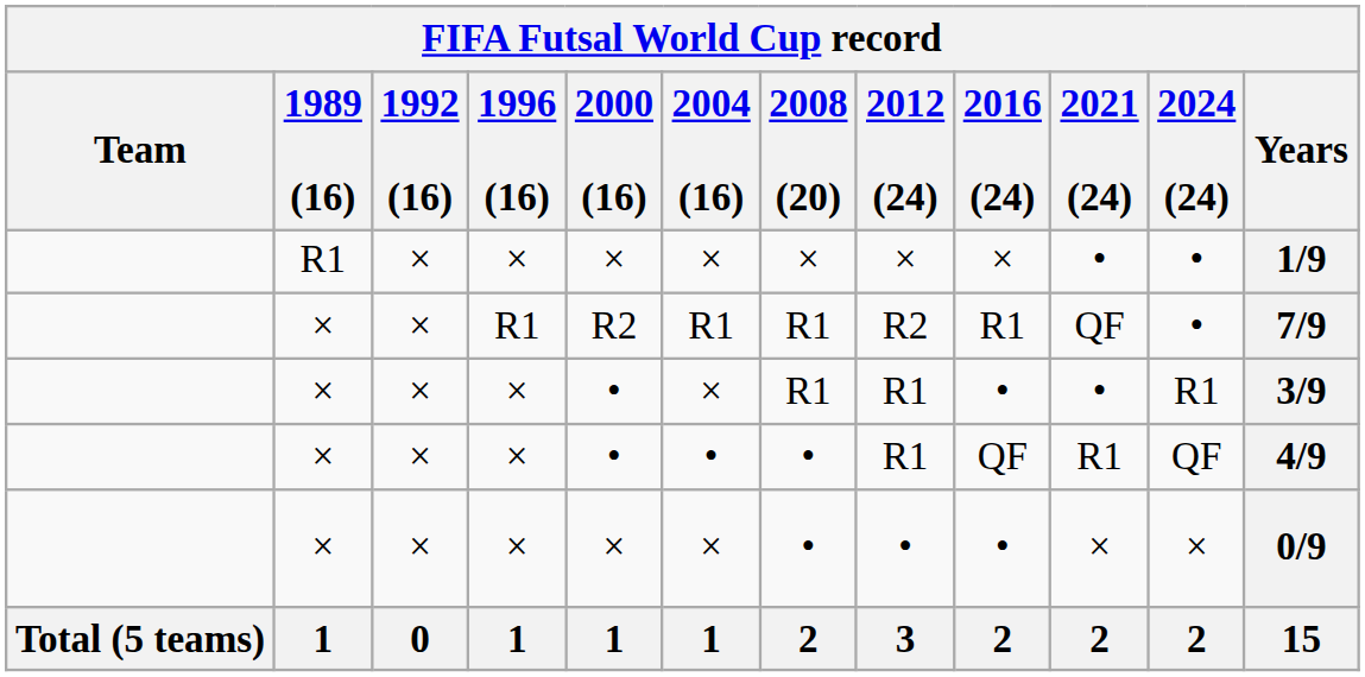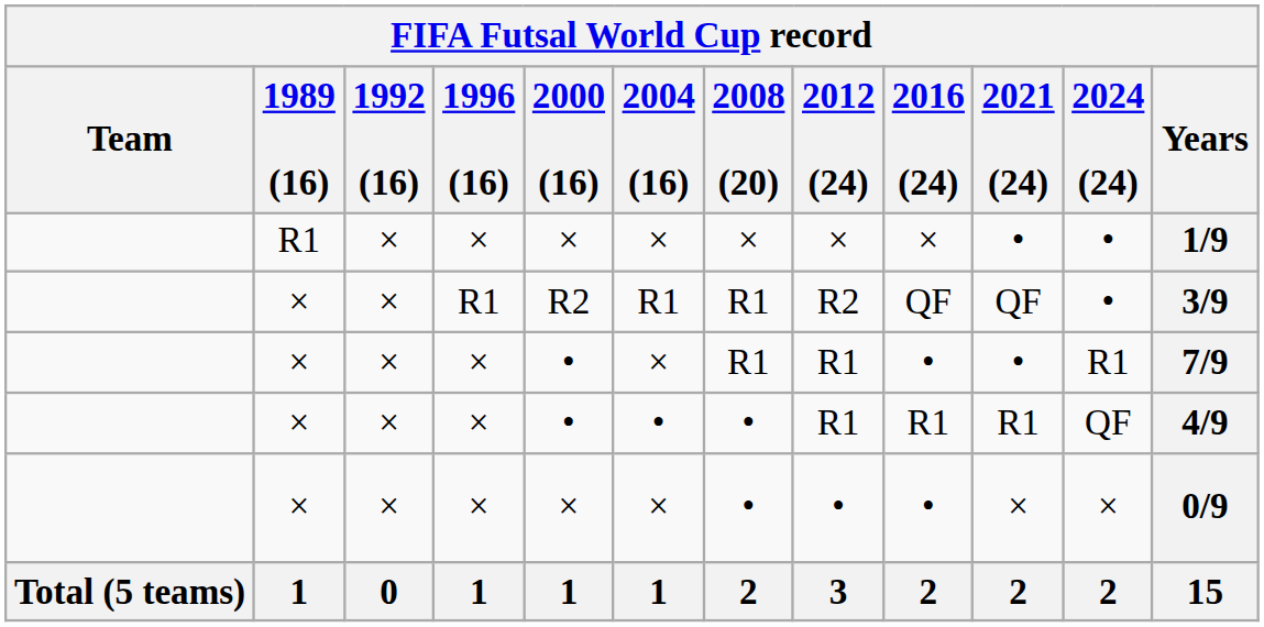 <table class="wikitable" style="text-align:center; font-size:90%">
 <tr>
 <th colspan=12><a href='#'>FIFA Futsal World Cup</a> record</th>
 </tr>
 <tr>
 <th>Team</th>
 <th><a href='#'>1989</a><br><br>(16)</th>
 <th><a href='#'>1992</a><br><br>(16)</th>
 <th><a href='#'>1996</a><br><br>(16)</th>
 <th><a href='#'>2000</a><br><br>(16)</th>
 <th><a href='#'>2004</a><br><br>(16)</th>
 <th><a href='#'>2008</a><br><br>(20)</th>
 <th><a href='#'>2012</a><br><br>(24)</th>
 <th><a href='#'>2016</a><br><br>(24)</th>
 <th><a href='#'>2021</a><br><br>(24)</th>
 <th><a href='#'>2024</a><br><br>(24)</th>
 <th>Years</th>
 </tr>
 <tr>
 <td align=left></td>
 <td>R1<br></td>
 <td>×</td>
 <td>×</td>
 <td>×</td>
 <td>×</td>
 <td>×</td>
 <td>×</td>
 <td>×</td>
 <td>•</td>
 <td>•</td>
 <th>1/9</th>
 </tr>
 <tr>
 <td align=left></td>
 <td>×</td>
 <td>×</td>
 <td>R1<br></td>
 <td>R2<br></td>
 <td>R1<br></td>
 <td>R1<br></td>
 <td>R2<br></td>
-<td>R1<br></td>
+<td>QF<br></td>
 <td>QF<br></td>
 <td>•</td>
-<th>7/9</th>
+<th>3/9</th>
 </tr>
 <tr>
 <td align=left></td>
 <td>×</td>
 <td>×</td>
 <td>×</td>
 <td>•</td>
 <td>×</td>
 <td>R1<br></td>
 <td>R1<br></td>
 <td>•</td>
 <td>•</td>
 <td>R1<br></td>
-<th>3/9</th>
+<th>7/9</th>
 </tr>
 <tr>
 <td align=left></td>
 <td>×</td>
 <td>×</td>
 <td>×</td>
 <td>•</td>
 <td>•</td>
 <td>•</td>
 <td>R1<br></td>
-<td>QF<br></td>
+<td>R1<br></td>
 <td>R1<br></td>
 <td>QF<br></td>
 <th>4/9</th>
 </tr>
 <tr style="height: 3em;">
 <td align=left></td>
 <td>×</td>
 <td>×</td>
 <td>×</td>
 <td>×</td>
 <td>×</td>
 <td>•</td>
 <td>•</td>
 <td>•</td>
 <td>×</td>
 <td>×</td>
 <th>0/9</th>
 </tr>
 <tr>
 <th>Total (5 teams)</th>
 <th>1</th>
 <th>0</th>
 <th>1</th>
 <th>1</th>
 <th>1</th>
 <th>2</th>
 <th>3</th>
 <th>2</th>
 <th>2</th>
 <th>2</th>
 <th>15</th>
 </tr>
 </table>
